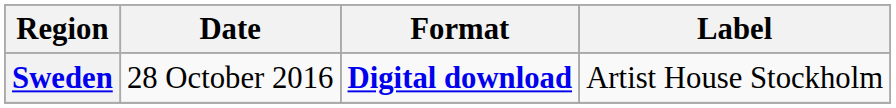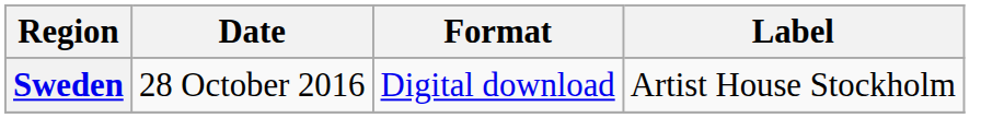 <table class="wikitable sortable plainrowheaders">
 <tr>
 <th scope="col">Region</th>
 <th scope="col">Date</th>
 <th scope="col">Format</th>
 <th scope="col">Label</th>
 </tr>
 <tr>
 <th scope="row"><a href='#'>Sweden</a></th>
 <td>28 October 2016</td>
-<td><strong><a href='#'>Digital download</a></strong></td>
+<td><a href='#'>Digital download</a></td>
 <td>Artist House Stockholm</td>
 </tr>
 <tr>
 </tr>
 </table>
